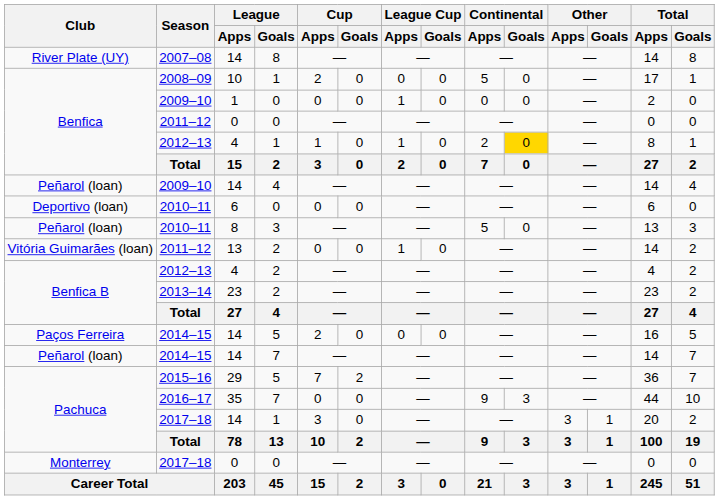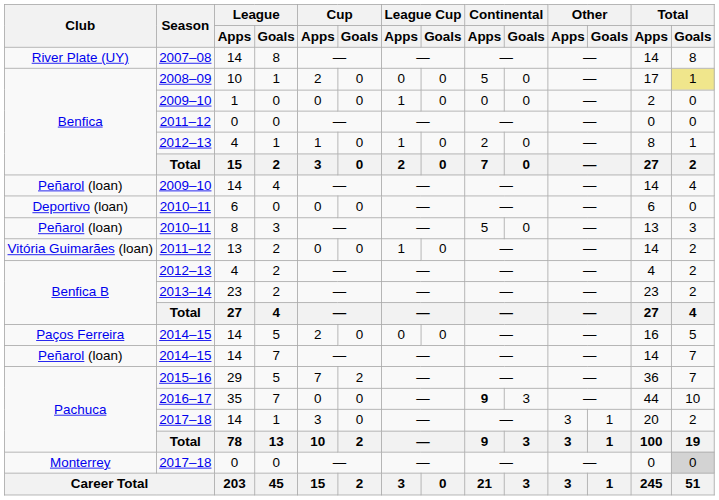 <table class="wikitable" style="text-align:center;">
 <tr>
 <th rowspan="2">Club</th>
 <th rowspan="2">Season</th>
 <th colspan="2">League</th>
 <th colspan="2">Cup</th>
 <th colspan="2">League Cup</th>
 <th colspan="2">Continental</th>
 <th colspan="2">Other</th>
 <th colspan="2">Total</th>
 </tr>
 <tr>
 <th>Apps</th>
 <th>Goals</th>
 <th>Apps</th>
 <th>Goals</th>
 <th>Apps</th>
 <th>Goals</th>
 <th>Apps</th>
 <th>Goals</th>
 <th>Apps</th>
 <th>Goals</th>
 <th>Apps</th>
 <th>Goals</th>
 </tr>
 <tr>
 <td rowspan="1"><a href='#'>River Plate (UY)</a></td>
 <td><a href='#'>2007–08</a></td>
 <td>14</td>
 <td>8</td>
 <td colspan="2">—</td>
 <td colspan="2">—</td>
 <td colspan="2">—</td>
 <td colspan="2">—</td>
 <td>14</td>
 <td>8</td>
 </tr>
 <tr>
 <td rowspan="5" valign="center"><a href='#'>Benfica</a></td>
 <td><a href='#'>2008–09</a></td>
 <td>10</td>
 <td>1</td>
 <td>2</td>
 <td>0</td>
 <td>0</td>
 <td>0</td>
 <td>5</td>
 <td>0</td>
 <td colspan="2">—</td>
 <td>17</td>
-<td>1</td>
+<td style="background: khaki;">1</td>
 </tr>
 <tr>
 <td><a href='#'>2009–10</a></td>
 <td>1</td>
 <td>0</td>
 <td>0</td>
 <td>0</td>
 <td>1</td>
 <td>0</td>
 <td>0</td>
 <td>0</td>
 <td colspan="2">—</td>
 <td>2</td>
 <td>0</td>
 </tr>
 <tr>
 <td><a href='#'>2011–12</a></td>
 <td>0</td>
 <td>0</td>
 <td colspan="2">—</td>
 <td colspan="2">—</td>
 <td colspan="2">—</td>
 <td colspan="2">—</td>
 <td>0</td>
 <td>0</td>
 </tr>
 <tr>
 <td><a href='#'>2012–13</a></td>
 <td>4</td>
 <td>1</td>
 <td>1</td>
 <td>0</td>
 <td>1</td>
 <td>0</td>
 <td>2</td>
-<td style="background: gold;">0</td>
+<td>0</td>
 <td colspan="2">—</td>
 <td>8</td>
 <td>1</td>
 </tr>
 <tr>
 <th>Total</th>
 <th>15</th>
 <th>2</th>
 <th>3</th>
 <th>0</th>
 <th>2</th>
 <th>0</th>
 <th>7</th>
 <th>0</th>
 <th colspan="2">—</th>
 <th>27</th>
 <th>2</th>
 </tr>
 <tr>
 <td rowspan="1"><a href='#'>Peñarol</a> (loan)</td>
 <td><a href='#'>2009–10</a></td>
 <td>14</td>
 <td>4</td>
 <td colspan="2">—</td>
 <td colspan="2">—</td>
 <td colspan="2">—</td>
 <td colspan="2">—</td>
 <td>14</td>
 <td>4</td>
 </tr>
 <tr>
 <td rowspan="1"><a href='#'>Deportivo</a> (loan)</td>
 <td><a href='#'>2010–11</a></td>
 <td>6</td>
 <td>0</td>
 <td>0</td>
 <td>0</td>
 <td colspan="2">—</td>
 <td colspan="2">—</td>
 <td colspan="2">—</td>
 <td>6</td>
 <td>0</td>
 </tr>
 <tr>
 <td rowspan="1"><a href='#'>Peñarol</a> (loan)</td>
 <td><a href='#'>2010–11</a></td>
 <td>8</td>
 <td>3</td>
 <td colspan="2">—</td>
 <td colspan="2">—</td>
 <td>5</td>
 <td>0</td>
 <td colspan="2">—</td>
 <td>13</td>
 <td>3</td>
 </tr>
 <tr>
 <td rowspan="1"><a href='#'>Vitória Guimarães</a> (loan)</td>
 <td><a href='#'>2011–12</a></td>
 <td>13</td>
 <td>2</td>
 <td>0</td>
 <td>0</td>
 <td>1</td>
 <td>0</td>
 <td colspan="2">—</td>
 <td colspan="2">—</td>
 <td>14</td>
 <td>2</td>
 </tr>
 <tr>
 <td rowspan="3" valign="center"><a href='#'>Benfica B</a></td>
 <td><a href='#'>2012–13</a></td>
 <td>4</td>
 <td>2</td>
 <td colspan="2">—</td>
 <td colspan="2">—</td>
 <td colspan="2">—</td>
 <td colspan="2">—</td>
 <td>4</td>
 <td>2</td>
 </tr>
 <tr>
 <td><a href='#'>2013–14</a></td>
 <td>23</td>
 <td>2</td>
 <td colspan="2">—</td>
 <td colspan="2">—</td>
 <td colspan="2">—</td>
 <td colspan="2">—</td>
 <td>23</td>
 <td>2</td>
 </tr>
 <tr>
 <th>Total</th>
 <th>27</th>
 <th>4</th>
 <th colspan="2">—</th>
 <th colspan="2">—</th>
 <th colspan="2">—</th>
 <th colspan="2">—</th>
 <th>27</th>
 <th>4</th>
 </tr>
 <tr>
 <td rowspan="1"><a href='#'>Paços Ferreira</a></td>
 <td><a href='#'>2014–15</a></td>
 <td>14</td>
 <td>5</td>
 <td>2</td>
 <td>0</td>
 <td>0</td>
 <td>0</td>
 <td colspan="2">—</td>
 <td colspan="2">—</td>
 <td>16</td>
 <td>5</td>
 </tr>
 <tr>
 <td rowspan="1"><a href='#'>Peñarol</a> (loan)</td>
 <td><a href='#'>2014–15</a></td>
 <td>14</td>
 <td>7</td>
 <td colspan="2">—</td>
 <td colspan="2">—</td>
 <td colspan="2">—</td>
 <td colspan="2">—</td>
 <td>14</td>
 <td>7</td>
 </tr>
 <tr>
 <td rowspan="4" valign="center"><a href='#'>Pachuca</a></td>
 <td><a href='#'>2015–16</a></td>
 <td>29</td>
 <td>5</td>
 <td>7</td>
 <td>2</td>
 <td colspan="2">—</td>
 <td colspan="2">—</td>
 <td colspan="2">—</td>
 <td>36</td>
 <td>7</td>
 </tr>
 <tr>
 <td><a href='#'>2016–17</a></td>
 <td>35</td>
 <td>7</td>
 <td>0</td>
 <td>0</td>
 <td colspan="2">—</td>
-<td>9</td>
+<td><strong>9</strong></td>
 <td>3</td>
 <td colspan="2">—</td>
 <td>44</td>
 <td>10</td>
 </tr>
 <tr>
 <td><a href='#'>2017–18</a></td>
 <td>14</td>
 <td>1</td>
 <td>3</td>
 <td>0</td>
 <td colspan="2">—</td>
 <td colspan="2">—</td>
 <td>3</td>
 <td>1</td>
 <td>20</td>
 <td>2</td>
 </tr>
 <tr>
 <th>Total</th>
 <th>78</th>
 <th>13</th>
 <th>10</th>
 <th>2</th>
 <th colspan="2">—</th>
 <th>9</th>
 <th>3</th>
 <th>3</th>
 <th>1</th>
 <th>100</th>
 <th>19</th>
 </tr>
 <tr>
 <td rowspan="1"><a href='#'>Monterrey</a></td>
 <td><a href='#'>2017–18</a></td>
 <td>0</td>
 <td>0</td>
 <td colspan="2">—</td>
 <td colspan="2">—</td>
 <td colspan="2">—</td>
 <td colspan="2">—</td>
 <td>0</td>
-<td>0</td>
+<td style="background: lightgrey;">0</td>
 </tr>
 <tr>
 <th colspan="2">Career Total</th>
 <th>203</th>
 <th>45</th>
 <th>15</th>
 <th>2</th>
 <th>3</th>
 <th>0</th>
 <th>21</th>
 <th>3</th>
 <th>3</th>
 <th>1</th>
 <th>245</th>
 <th>51</th>
 </tr>
 </table>
